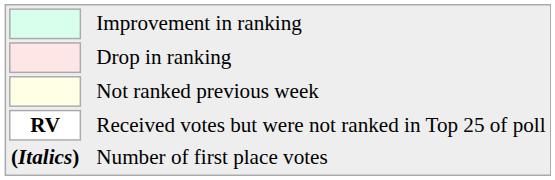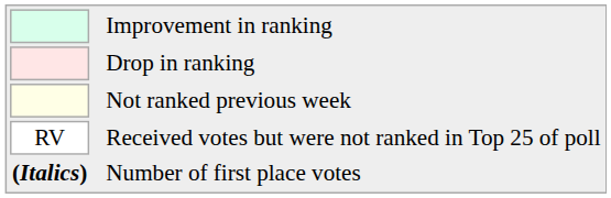 <table align=right style="font-size:90%; border:1px solid #aaaaaa; white-space:nowrap; background:#eeeeee;">
 <tr>
 <td style="background:#d8ffeb; width:20px; border:1px solid #aaaaaa;"> </td>
 <td rowspan=5> </td>
 <td>Improvement in ranking</td>
 </tr>
 <tr>
 <td style="background:#ffe6e6; width:20px; border:1px solid #aaaaaa;"> </td>
 <td>Drop in ranking</td>
 </tr>
 <tr>
 <td style="background:#ffffe6; width:20px; border:1px solid #aaaaaa;"> </td>
 <td>Not ranked previous week</td>
 </tr>
 <tr>
-<td align=center style="width:20px; border:1px solid #aaaaaa; background:white;"><strong>RV</strong></td>
+<td align=center style="width:20px; border:1px solid #aaaaaa; background:white;">RV</td>
 <td>Received votes but were not ranked in Top 25 of poll</td>
 </tr>
 <tr>
 <td><strong>(<em>Italics</em>)</strong></td>
 <td>Number of first place votes</td>
 </tr>
 </table>
